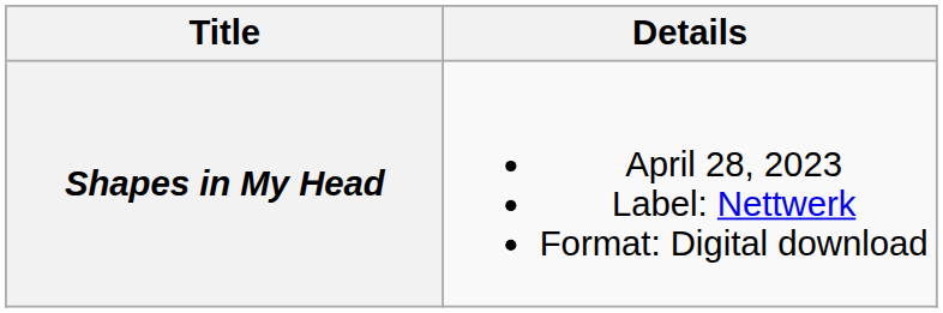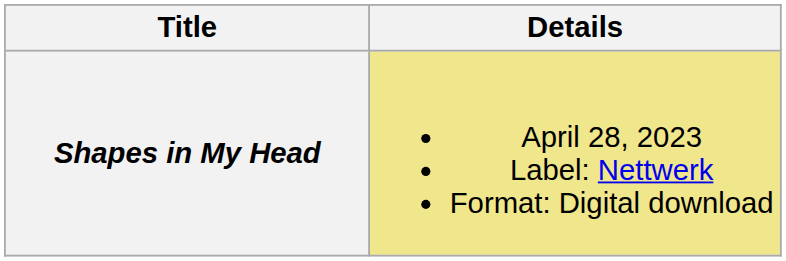 <table class="wikitable plainrowheaders" style="text-align:center">
 <tr>
 <th rowspan="1" scope="col" style="width:12em;">Title</th>
 <th rowspan="1" scope="col">Details</th>
 </tr>
 <tr>
 <th scope="row"><em>Shapes in My Head</em></th>
-<td><br><ul><li>April 28, 2023</li><li>Label: <a href='#'>Nettwerk</a></li><li>Format: Digital download</li></ul></td>
+<td style="background: khaki;"><br><ul><li>April 28, 2023</li><li>Label: <a href='#'>Nettwerk</a></li><li>Format: Digital download</li></ul></td>
 </tr>
 </table>
